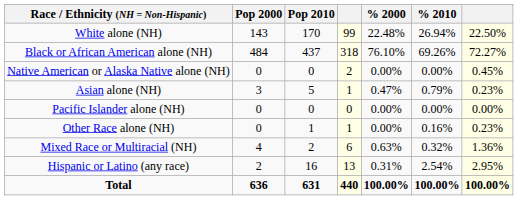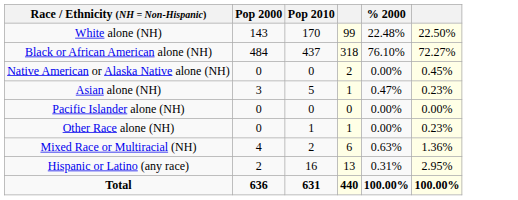 <table class="wikitable" style="text-align:center;">
 <tr>
 <th>Race / Ethnicity <small>(<em>NH = Non-Hispanic</em>)</small></th>
 <th>Pop 2000</th>
 <th>Pop 2010</th>
 <th></th>
 <th>% 2000</th>
-<th>% 2010</th>
 <th></th>
 </tr>
 <tr>
 <td><a href='#'>White</a> alone (NH)</td>
 <td>143</td>
 <td>170</td>
 <td style='background: #ffffe6;'>99</td>
 <td>22.48%</td>
-<td>26.94%</td>
 <td style='background: #ffffe6;'>22.50%</td>
 </tr>
 <tr>
 <td><a href='#'>Black or African American</a> alone (NH)</td>
 <td>484</td>
 <td>437</td>
 <td style='background: #ffffe6;'>318</td>
 <td>76.10%</td>
-<td>69.26%</td>
 <td style='background: #ffffe6;'>72.27%</td>
 </tr>
 <tr>
 <td><a href='#'>Native American</a> or <a href='#'>Alaska Native</a> alone (NH)</td>
 <td>0</td>
 <td>0</td>
 <td style='background: #ffffe6;'>2</td>
-<td>0.00%</td>
 <td>0.00%</td>
 <td style='background: #ffffe6;'>0.45%</td>
 </tr>
 <tr>
 <td><a href='#'>Asian</a> alone (NH)</td>
 <td>3</td>
 <td>5</td>
 <td style='background: #ffffe6;'>1</td>
 <td>0.47%</td>
-<td>0.79%</td>
 <td style='background: #ffffe6;'>0.23%</td>
 </tr>
 <tr>
 <td><a href='#'>Pacific Islander</a> alone (NH)</td>
 <td>0</td>
 <td>0</td>
 <td style='background: #ffffe6;'>0</td>
-<td>0.00%</td>
 <td>0.00%</td>
 <td style='background: #ffffe6;'>0.00%</td>
 </tr>
 <tr>
 <td><a href='#'>Other Race</a> alone (NH)</td>
 <td>0</td>
 <td>1</td>
 <td style='background: #ffffe6;'>1</td>
 <td>0.00%</td>
-<td>0.16%</td>
 <td style='background: #ffffe6;'>0.23%</td>
 </tr>
 <tr>
 <td><a href='#'>Mixed Race or Multiracial</a> (NH)</td>
 <td>4</td>
 <td>2</td>
 <td style='background: #ffffe6;'>6</td>
 <td>0.63%</td>
-<td>0.32%</td>
 <td style='background: #ffffe6;'>1.36%</td>
 </tr>
 <tr>
 <td><a href='#'>Hispanic or Latino</a> (any race)</td>
 <td>2</td>
 <td>16</td>
 <td style='background: #ffffe6;'>13</td>
 <td>0.31%</td>
-<td>2.54%</td>
 <td style='background: #ffffe6;'>2.95%</td>
 </tr>
 <tr>
 <td><strong>Total</strong></td>
 <td><strong>636</strong></td>
 <td><strong>631</strong></td>
 <td style='background: #ffffe6;'><strong>440</strong></td>
 <td><strong>100.00%</strong></td>
-<td><strong>100.00%</strong></td>
 <td style='background: #ffffe6;'><strong>100.00%</strong></td>
 </tr>
 </table>
